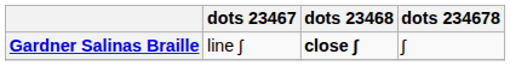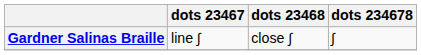 <table class="wikitable">
 <tr>
 <th></th>
 <th>dots 23467</th>
 <th>dots 23468</th>
 <th>dots 234678</th>
 </tr>
 <tr>
 <th align=left><a href='#'>Gardner Salinas Braille</a></th>
 <td>line ∫</td>
-<td><strong>close ∫</strong></td>
+<td>close ∫</td>
 <td>∫</td>
 </tr>
 <tr>
 </tr>
 <tr>
 </tr>
 </table>
